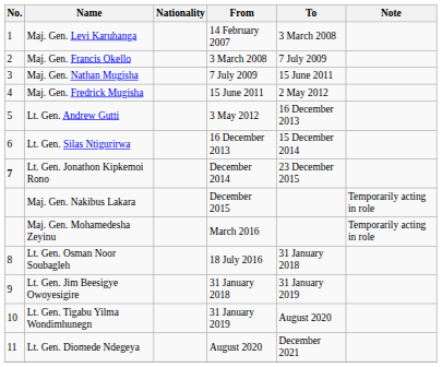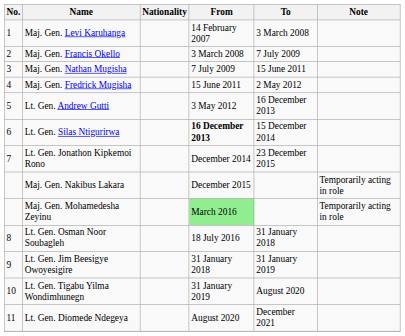 <table class="wikitable" style="font-size:90%; text-align:left;">
 <tr>
 <th>No.</th>
 <th>Name</th>
 <th>Nationality</th>
 <th>From</th>
 <th>To</th>
 <th>Note</th>
 </tr>
 <tr>
 <td>1</td>
 <td>Maj. Gen. <a href='#'>Levi Karuhanga</a></td>
 <td></td>
 <td>14 February 2007</td>
 <td>3 March 2008</td>
 <td></td>
 </tr>
 <tr>
 <td>2</td>
 <td>Maj. Gen. <a href='#'>Francis Okello</a></td>
 <td></td>
 <td>3 March 2008</td>
 <td>7 July 2009</td>
 <td></td>
 </tr>
 <tr>
 <td>3</td>
 <td>Maj. Gen. <a href='#'>Nathan Mugisha</a></td>
 <td></td>
 <td>7 July 2009</td>
 <td>15 June 2011</td>
 <td></td>
 </tr>
 <tr>
 <td>4</td>
 <td>Maj. Gen. <a href='#'>Fredrick Mugisha</a></td>
 <td></td>
 <td>15 June 2011</td>
 <td>2 May 2012 </td>
 <td></td>
 </tr>
 <tr>
 <td>5</td>
 <td>Lt. Gen. <a href='#'>Andrew Gutti</a></td>
 <td></td>
 <td>3 May 2012</td>
 <td>16 December 2013</td>
 <td></td>
 </tr>
 <tr>
 <td>6</td>
 <td>Lt. Gen. <a href='#'>Silas Ntigurirwa</a></td>
 <td></td>
-<td>16 December 2013</td>
+<td><strong>16 December 2013</strong></td>
 <td>15 December 2014</td>
 <td></td>
 </tr>
 <tr>
-<td><strong>7</strong></td>
+<td>7</td>
 <td>Lt. Gen. Jonathon Kipkemoi Rono</td>
 <td></td>
 <td>December 2014</td>
 <td>23 December 2015</td>
 <td></td>
 </tr>
 <tr>
 <td></td>
 <td>Maj. Gen. Nakibus Lakara</td>
 <td></td>
 <td>December 2015</td>
 <td></td>
 <td>Temporarily acting in role</td>
 </tr>
 <tr>
 <td></td>
 <td>Maj. Gen. Mohamedesha Zeyinu</td>
 <td></td>
-<td>March 2016</td>
+<td style="background: lightgreen;">March 2016</td>
 <td></td>
 <td>Temporarily acting in role</td>
 </tr>
 <tr>
 <td>8</td>
 <td>Lt. Gen. Osman Noor Soubagleh</td>
 <td></td>
 <td>18 July 2016</td>
 <td>31 January 2018</td>
 <td></td>
 </tr>
 <tr>
 <td>9</td>
 <td>Lt. Gen. Jim Beesigye Owoyesigire</td>
 <td></td>
 <td>31 January 2018</td>
 <td>31 January 2019</td>
 <td></td>
 </tr>
 <tr>
 <td>10</td>
 <td>Lt. Gen. Tigabu Yilma Wondimhunegn</td>
 <td></td>
 <td>31 January 2019</td>
 <td>August 2020</td>
 <td></td>
 </tr>
 <tr>
 <td>11</td>
 <td>Lt. Gen. Diomede Ndegeya</td>
 <td></td>
 <td>August 2020</td>
 <td>December 2021</td>
 <td></td>
 </tr>
 <tr>
 </tr>
 </table>
